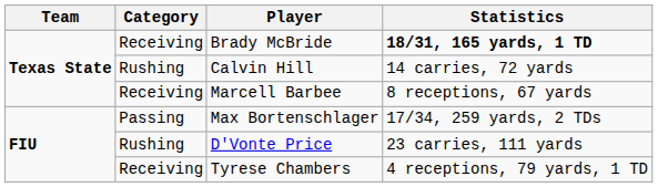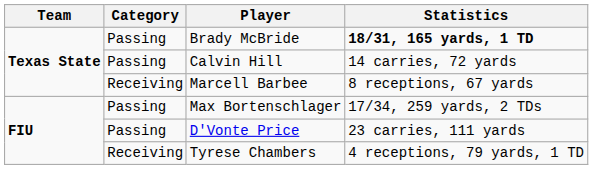 <table class="wikitable" style="float: left;">
 <tr>
 <th>Team</th>
 <th>Category</th>
 <th>Player</th>
 <th>Statistics</th>
 </tr>
 <tr>
 <td rowspan=3><strong>Texas State</strong></td>
-<td>Receiving</td>
+<td>Passing</td>
 <td>Brady McBride</td>
 <td><strong>18/31, 165 yards, 1 TD</strong></td>
 </tr>
 <tr>
-<td>Rushing</td>
+<td>Passing</td>
 <td>Calvin Hill</td>
 <td>14 carries, 72 yards</td>
 </tr>
 <tr>
 <td>Receiving</td>
 <td>Marcell Barbee</td>
 <td>8 receptions, 67 yards</td>
 </tr>
 <tr>
 <td rowspan=3><strong>FIU</strong></td>
 <td>Passing</td>
 <td>Max Bortenschlager</td>
 <td>17/34, 259 yards, 2 TDs</td>
 </tr>
 <tr>
-<td>Rushing</td>
+<td>Passing</td>
 <td><a href='#'>D'Vonte Price</a></td>
 <td>23 carries, 111 yards</td>
 </tr>
 <tr>
 <td>Receiving</td>
 <td>Tyrese Chambers</td>
 <td>4 receptions, 79 yards, 1 TD</td>
 </tr>
 </table>
